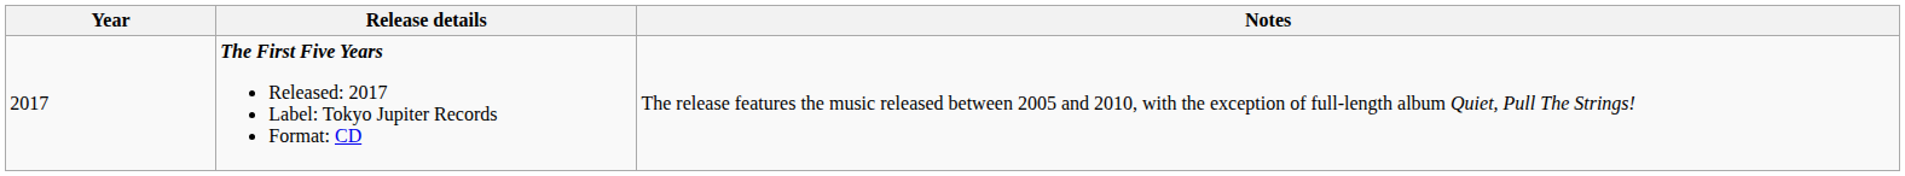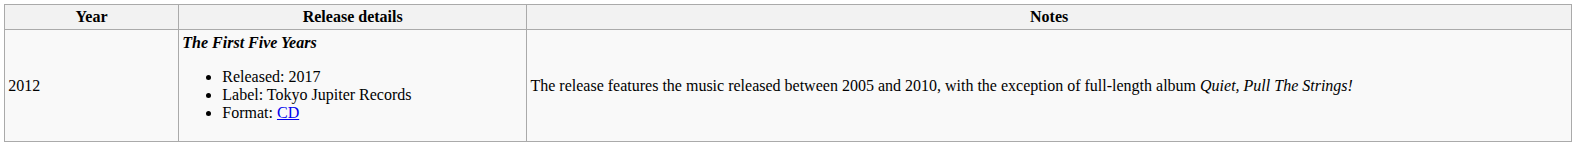 <table class ="wikitable">
 <tr>
 <th style="width: 5%">Year</th>
 <th style="width:10%">Release details</th>
 <th style="width:30%">Notes</th>
 </tr>
 <tr>
-<td>2017</td>
+<td>2012</td>
 <td><strong><em>The First Five Years</em></strong><br><ul><li>Released: 2017</li><li>Label: Tokyo Jupiter Records</li><li>Format: <a href='#'>CD</a></li></ul></td>
 <td>The release features the music released between 2005 and 2010, with the exception of full-length album <em>Quiet, Pull The Strings!</em></td>
 </tr>
 </table>
